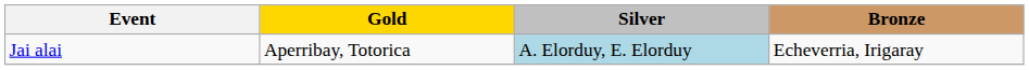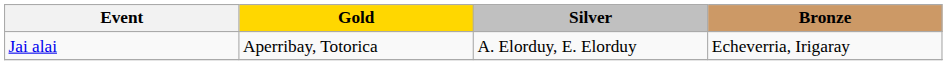 <table class="wikitable" style="max-width: 23cm; width: 100%">
 <tr>
 <th scope="col">Event</th>
 <th scope="col" style="background-color:gold; width:25%">Gold</th>
 <th scope="col" style="background-color:silver; width:25%; width:25%">Silver</th>
 <th scope="col" style="background-color:#cc9966; width:25%">Bronze</th>
 </tr>
 <tr>
 <td><a href='#'>Jai alai</a></td>
 <td> Aperribay, Totorica</td>
-<td style="background: lightblue;"> A. Elorduy, E. Elorduy</td>
+<td> A. Elorduy, E. Elorduy</td>
 <td> Echeverria, Irigaray</td>
 </tr>
 <tr>
 </tr>
 </table>
